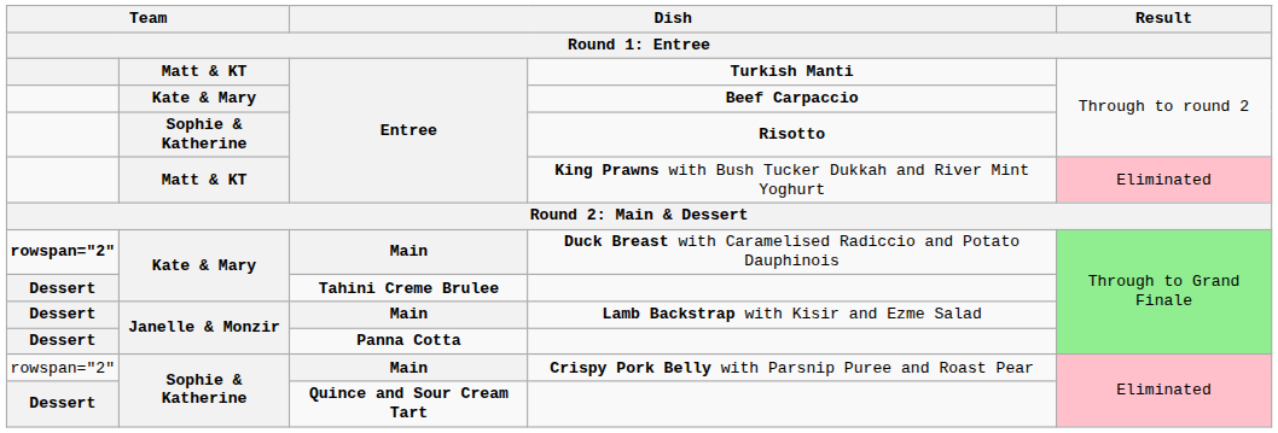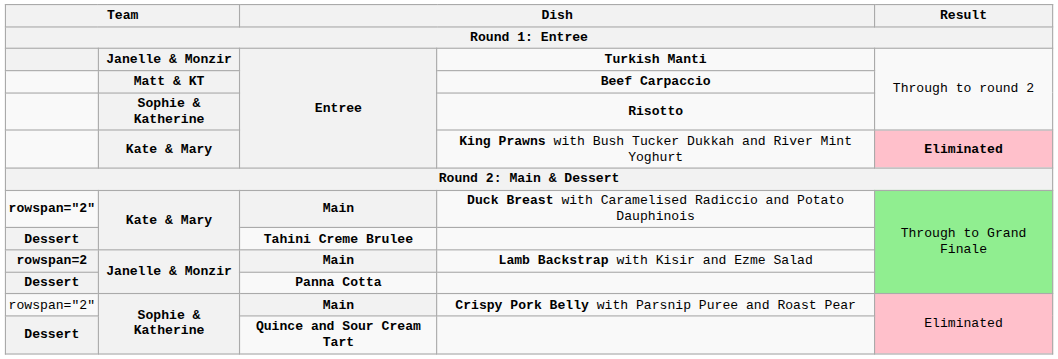 <table class="wikitable plainrowheaders" style="margin:1em auto; text-align:center; font-size:90%; width:80em;">
 <tr>
 <th colspan="2">Team</th>
 <th colspan="2">Dish</th>
 <th>Result</th>
 </tr>
 <tr>
 <th Colspan=5>Round 1: Entree</th>
 </tr>
 <tr>
 <th></th>
-<th>Matt & KT</th>
+<th>Janelle & Monzir</th>
 <th rowspan=4>Entree</th>
 <td><strong>Turkish Manti</strong></td>
 <td rowspan="3">Through to round 2</td>
 </tr>
 <tr>
 <td></td>
-<th>Kate & Mary</th>
+<th>Matt & KT</th>
 <td><strong>Beef Carpaccio</strong></td>
 </tr>
 <tr>
 <td></td>
 <th>Sophie & Katherine</th>
 <td><strong>Risotto</strong></td>
 </tr>
 <tr>
 <td></td>
-<th>Matt & KT</th>
+<th>Kate & Mary</th>
 <td><strong>King Prawns</strong> with Bush Tucker Dukkah and River Mint Yoghurt</td>
-<td style="background:pink">Eliminated</td>
+<td style="background:pink"><strong>Eliminated</strong></td>
 </tr>
 <tr>
 <th Colspan=5>Round 2: Main & Dessert</th>
 </tr>
 <tr>
 <td><strong>rowspan="2" </strong></td>
 <th rowspan=2>Kate & Mary</th>
 <th>Main</th>
 <td><strong>Duck Breast</strong> with Caramelised Radiccio and Potato Dauphinois</td>
 <td rowspan="4" style="background:lightgreen">Through to Grand Finale</td>
 </tr>
 <tr>
 <th>Dessert</th>
 <td><strong>Tahini Creme Brulee</strong></td>
 </tr>
 <tr>
-<th>Dessert</th>
+<th>rowspan=2 </th>
 <th rowspan=2>Janelle & Monzir</th>
 <th>Main</th>
 <td><strong>Lamb Backstrap</strong> with Kisir and Ezme Salad</td>
 </tr>
 <tr>
 <th>Dessert</th>
 <td><strong>Panna Cotta</strong></td>
 </tr>
 <tr>
 <td>rowspan="2" </td>
 <th rowspan=2>Sophie & Katherine</th>
 <th>Main</th>
 <td><strong>Crispy Pork Belly</strong> with Parsnip Puree and Roast Pear</td>
 <td rowspan=2 style="background:pink">Eliminated</td>
 </tr>
 <tr>
 <th>Dessert</th>
 <td><strong>Quince and Sour Cream Tart</strong></td>
 </tr>
 </table>
